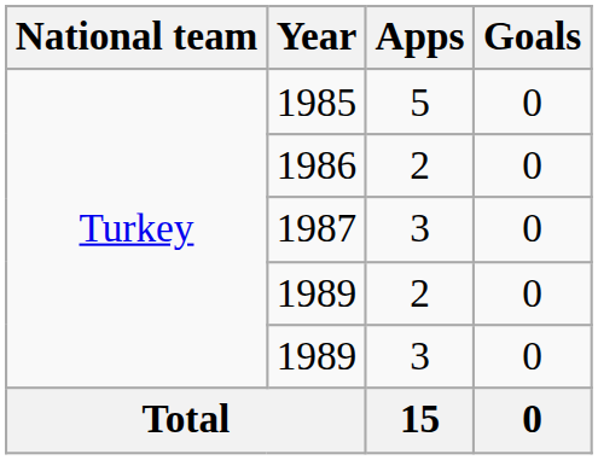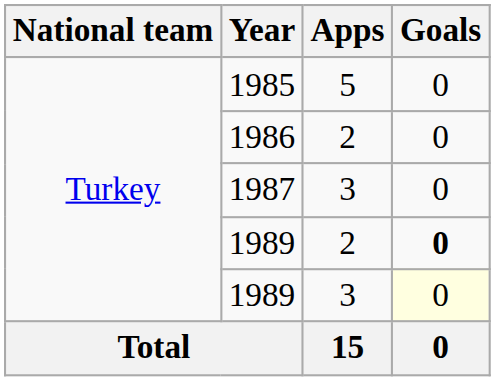 <table class="wikitable" style="text-align:center">
 <tr>
 <th>National team</th>
 <th>Year</th>
 <th>Apps</th>
 <th>Goals</th>
 </tr>
 <tr>
 <td rowspan="5"><a href='#'>Turkey</a></td>
 <td>1985</td>
 <td>5</td>
 <td>0</td>
 </tr>
 <tr>
 <td>1986</td>
 <td>2</td>
 <td>0</td>
 </tr>
 <tr>
 <td>1987</td>
 <td>3</td>
 <td>0</td>
 </tr>
 <tr>
 <td>1989</td>
 <td>2</td>
-<td>0</td>
+<td><strong>0</strong></td>
 </tr>
 <tr>
 <td>1989</td>
 <td>3</td>
-<td>0</td>
+<td style="background: lightyellow;">0</td>
 </tr>
 <tr>
 <th colspan="2">Total</th>
 <th>15</th>
 <th>0</th>
 </tr>
 </table>
